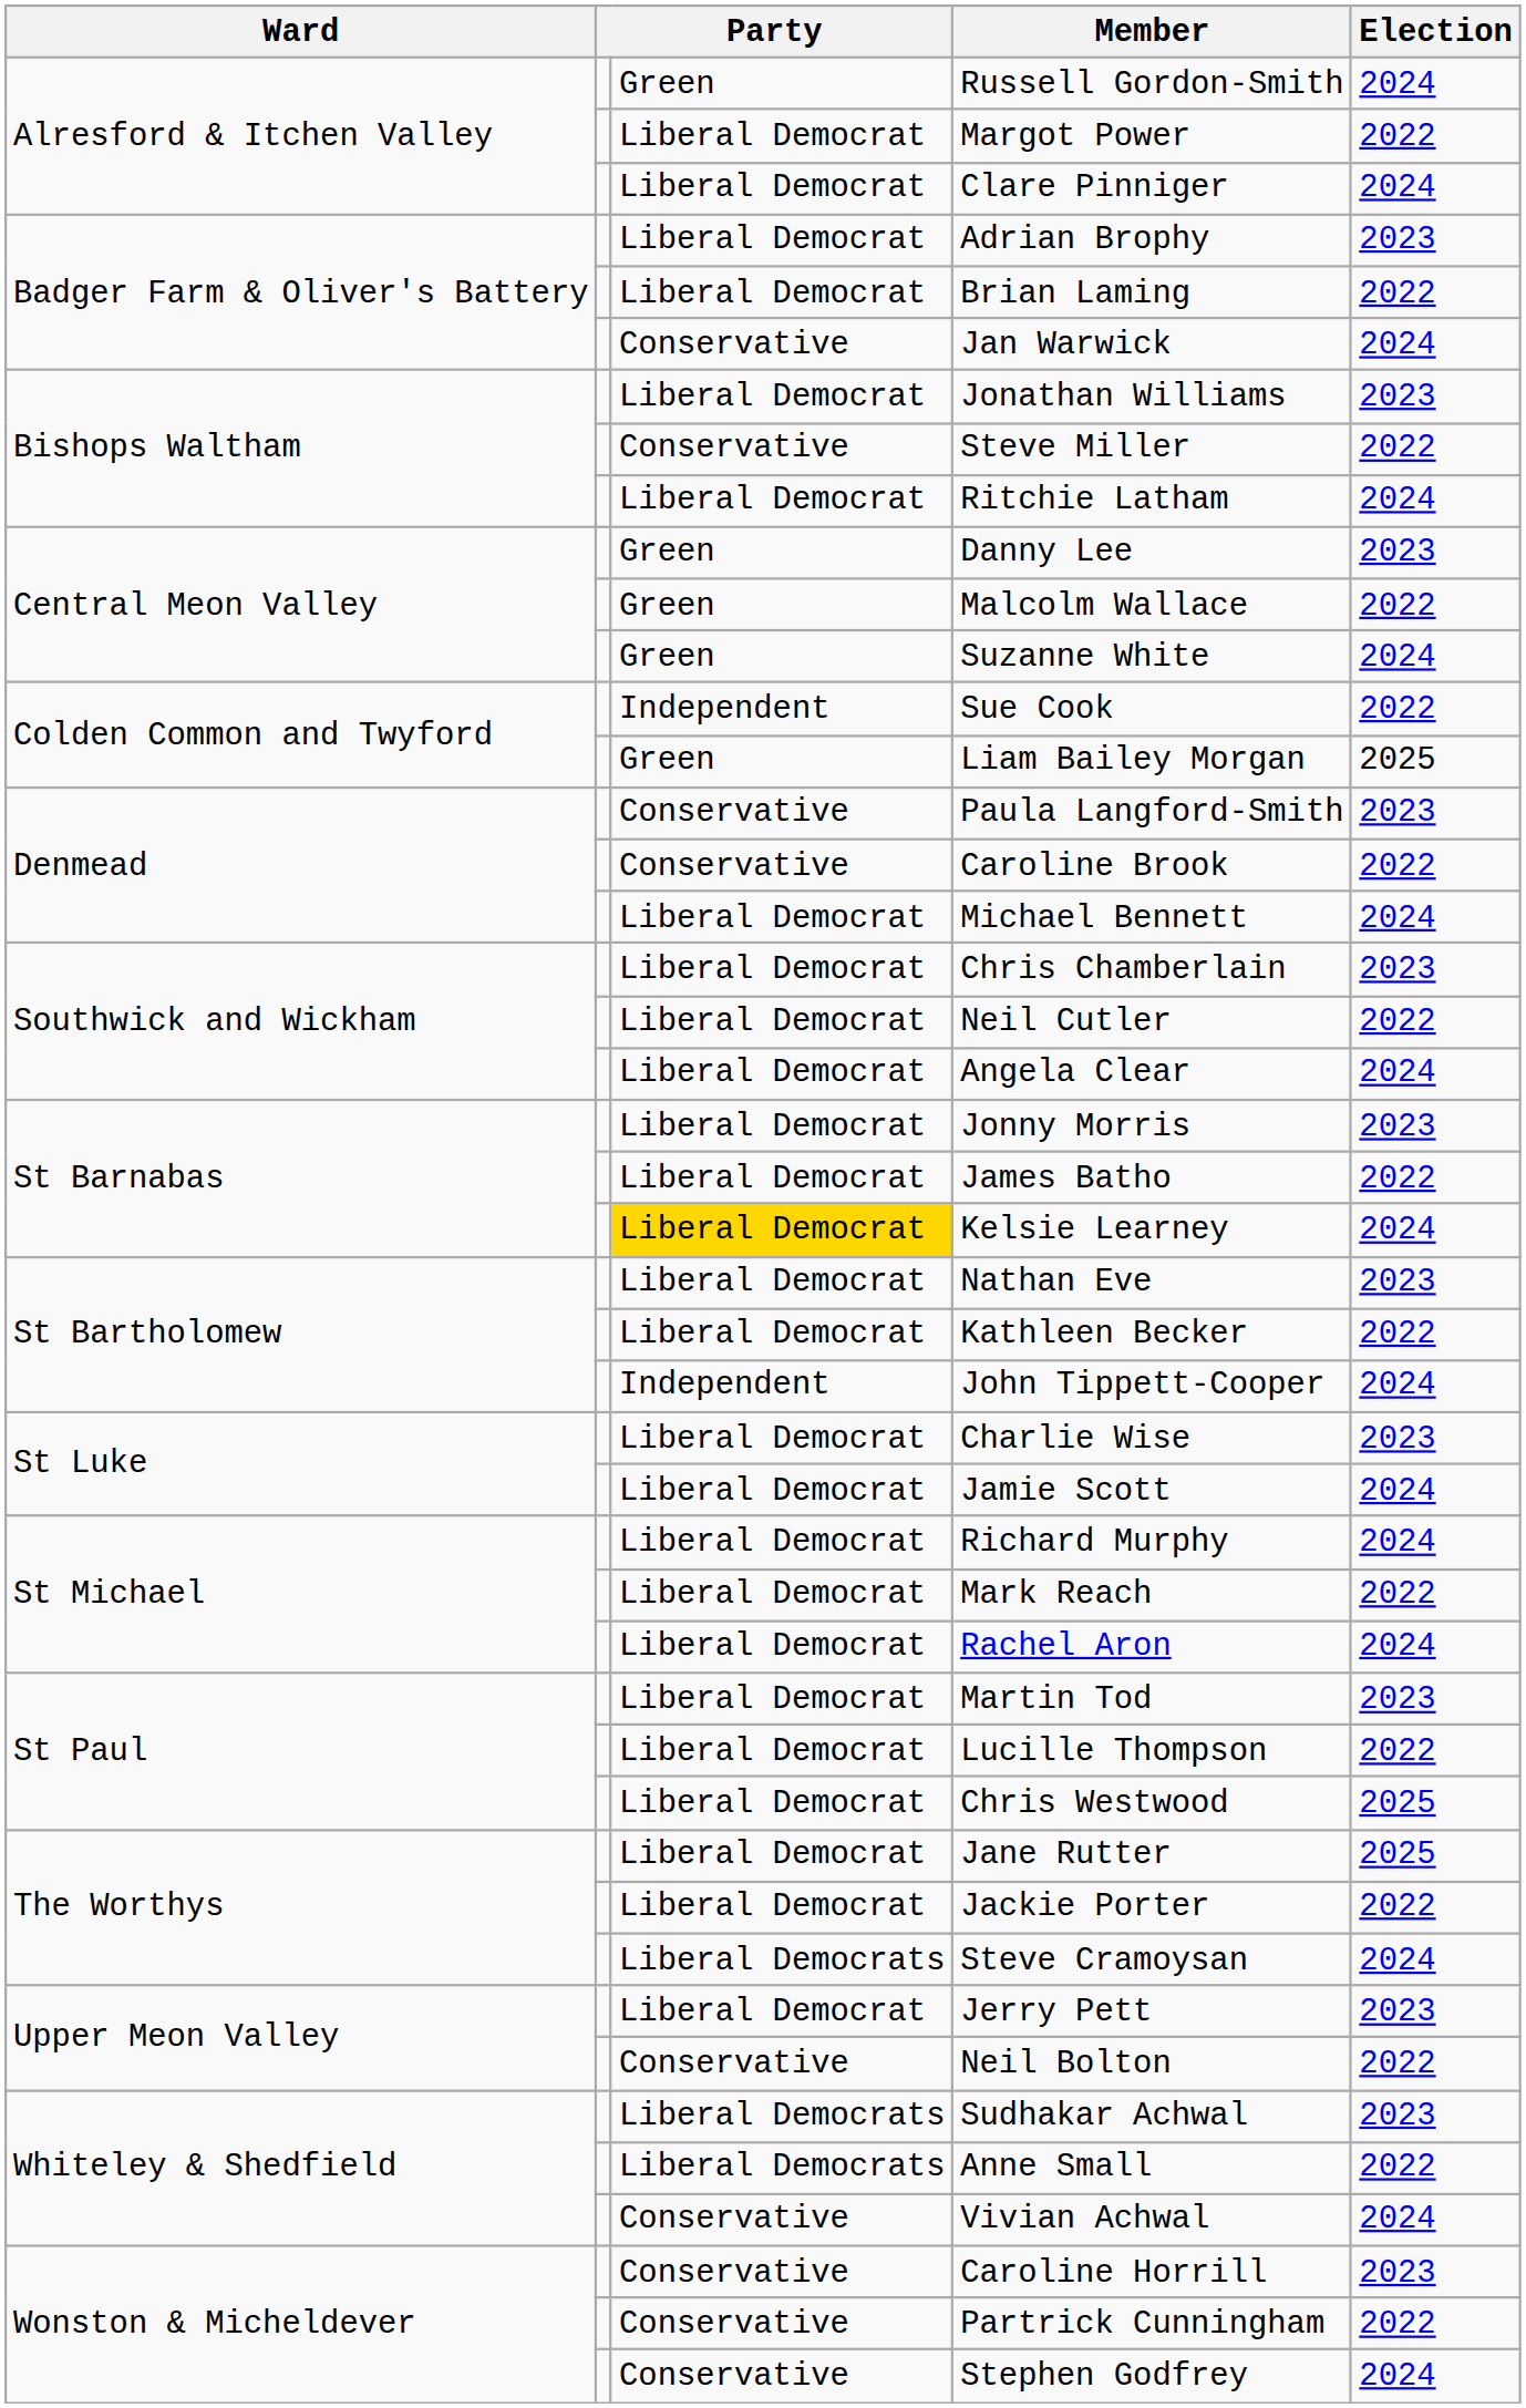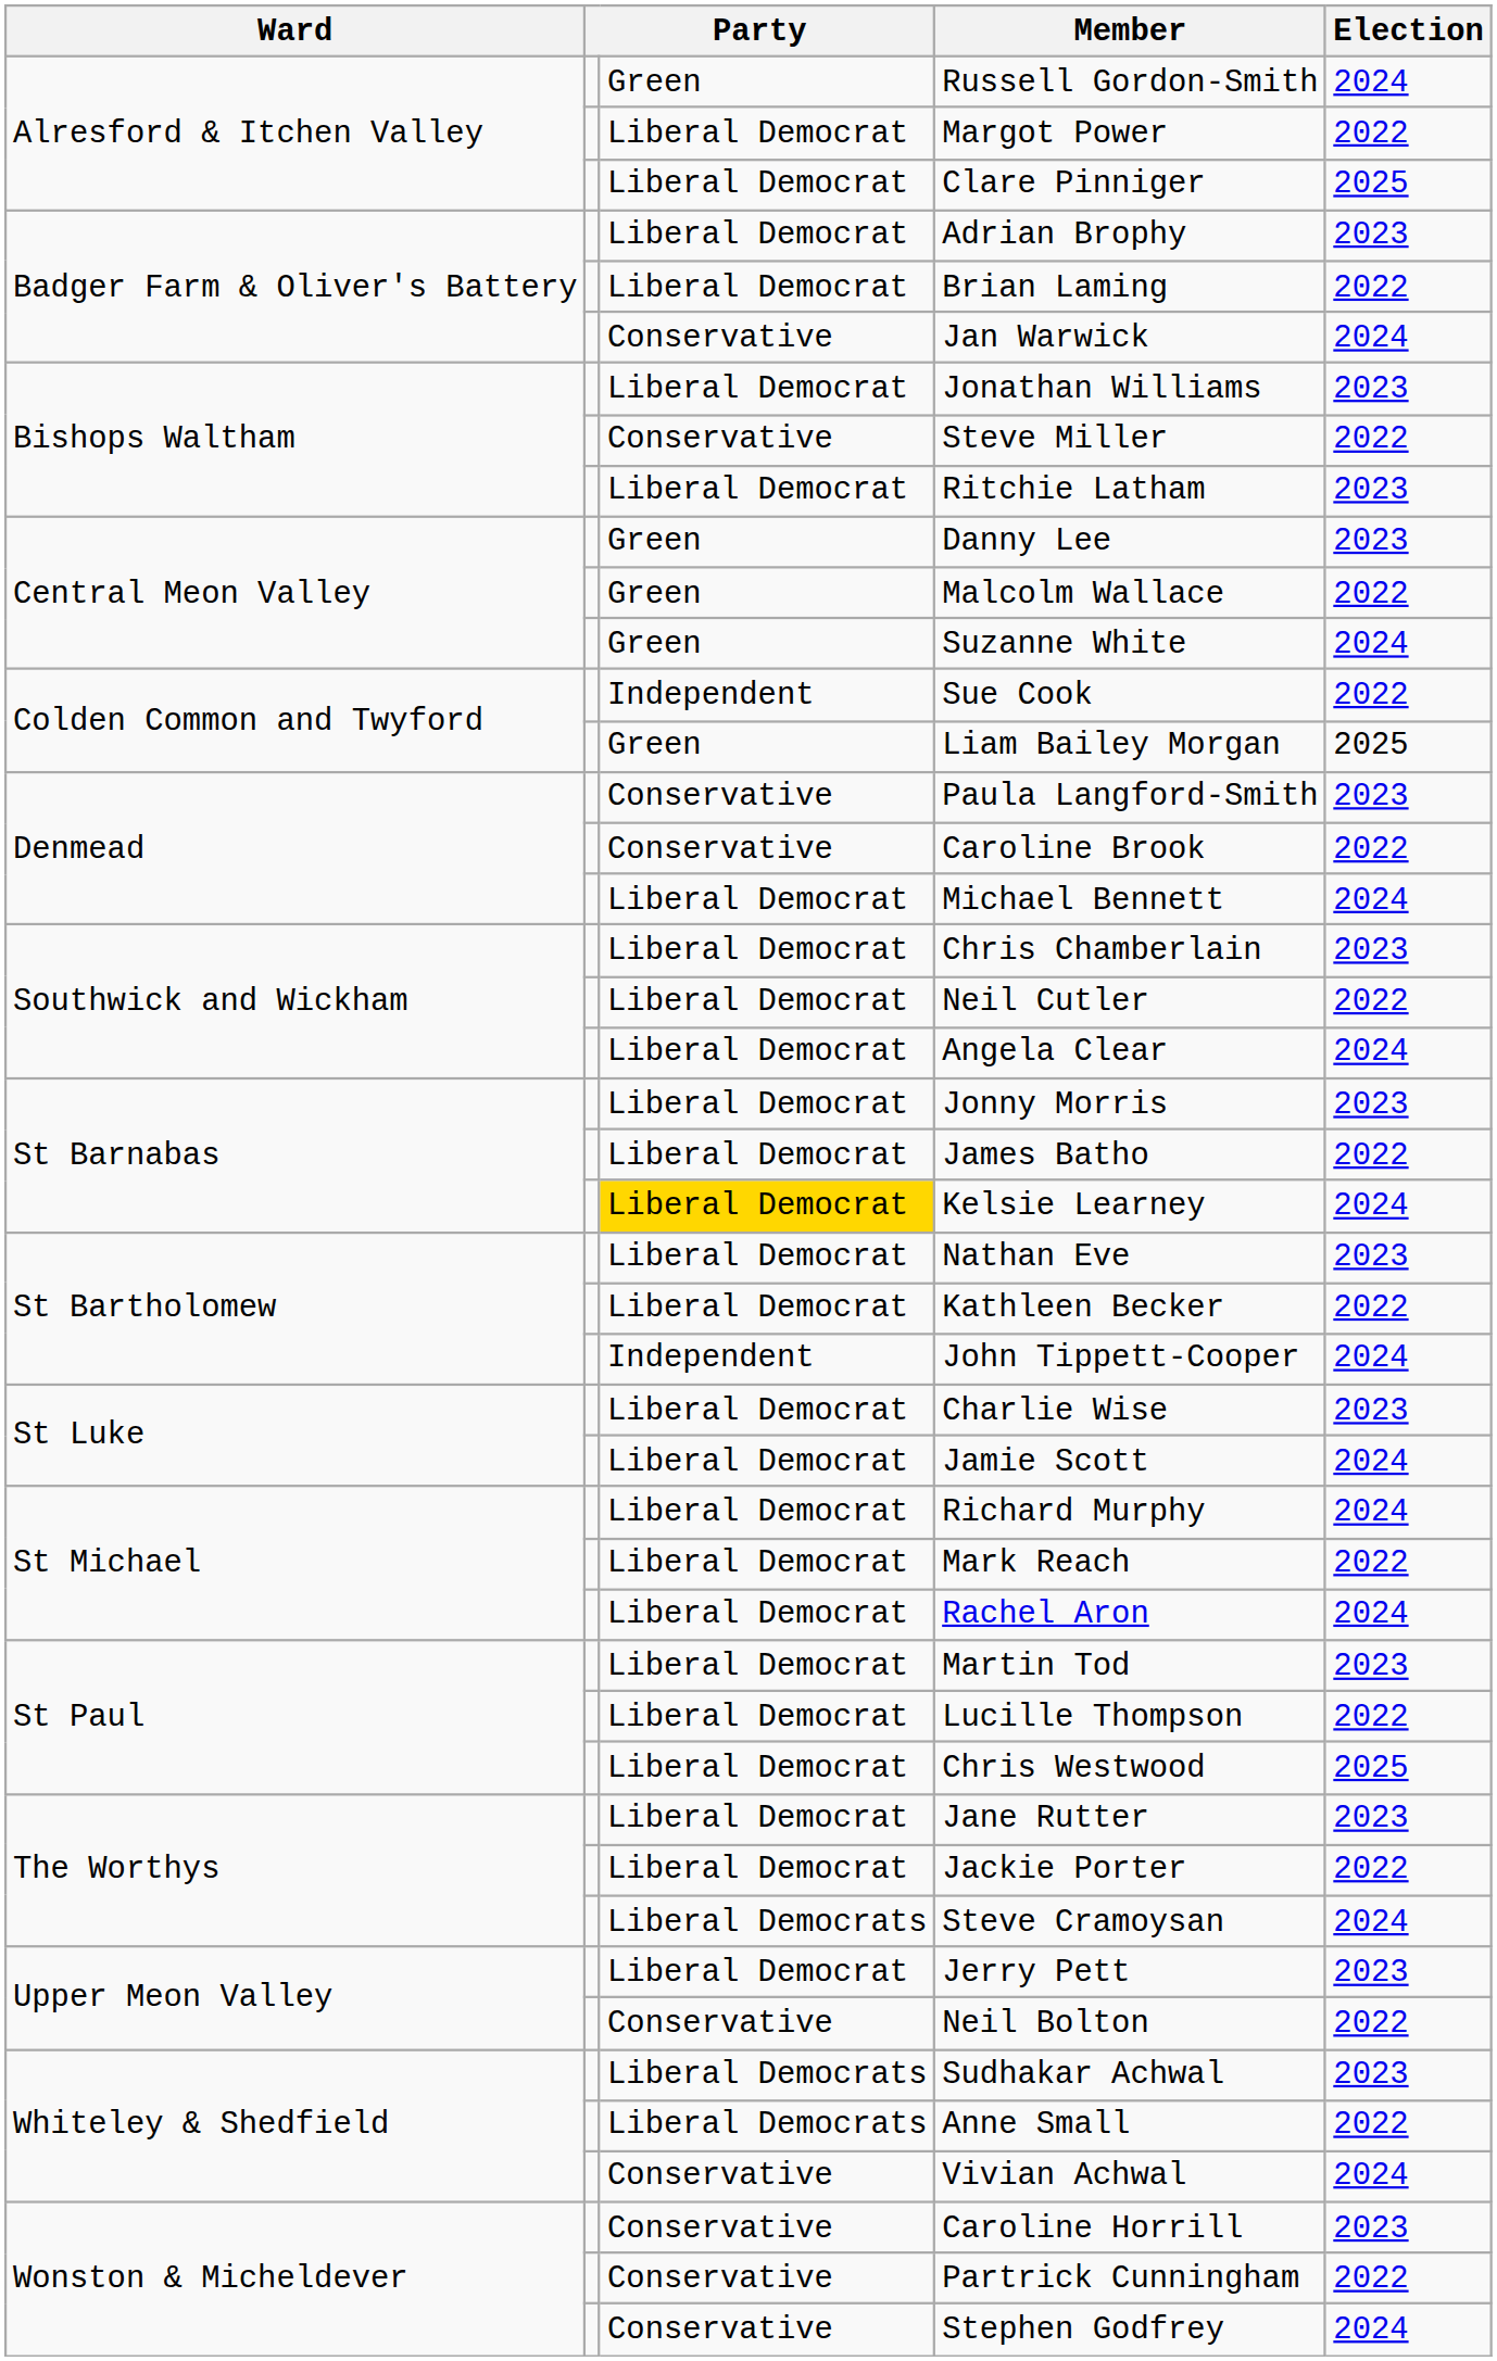 <table class="wikitable sortable">
 <tr>
 <th>Ward</th>
 <th colspan="2">Party</th>
 <th>Member</th>
 <th>Election</th>
 </tr>
 <tr>
 <td rowspan="3">Alresford & Itchen Valley</td>
 <td style="background-color: "></td>
 <td>Green</td>
 <td>Russell Gordon-Smith</td>
 <td><a href='#'>2024</a></td>
 </tr>
 <tr>
 <td style="background-color: "></td>
 <td>Liberal Democrat</td>
 <td>Margot Power</td>
 <td><a href='#'>2022</a></td>
 </tr>
 <tr>
 <td style="background-color: "></td>
 <td>Liberal Democrat</td>
 <td>Clare Pinniger</td>
-<td><a href='#'>2024</a></td>
+<td><a href='#'>2025</a></td>
 </tr>
 <tr>
 <td rowspan="3">Badger Farm & Oliver's Battery</td>
 <td style="background-color: "></td>
 <td>Liberal Democrat</td>
 <td>Adrian Brophy</td>
 <td><a href='#'>2023</a></td>
 </tr>
 <tr>
 <td style="background-color: "></td>
 <td>Liberal Democrat</td>
 <td>Brian Laming</td>
 <td><a href='#'>2022</a></td>
 </tr>
 <tr>
 <td style="background-color: "></td>
 <td>Conservative</td>
 <td>Jan Warwick</td>
 <td><a href='#'>2024</a></td>
 </tr>
 <tr>
 <td rowspan="3">Bishops Waltham</td>
 <td style="background-color: "></td>
 <td>Liberal Democrat</td>
 <td>Jonathan Williams</td>
 <td><a href='#'>2023</a></td>
 </tr>
 <tr>
 <td style="background-color: "></td>
 <td>Conservative</td>
 <td>Steve Miller</td>
 <td><a href='#'>2022</a></td>
 </tr>
 <tr>
 <td style="background-color: "></td>
 <td>Liberal Democrat</td>
 <td>Ritchie Latham</td>
-<td><a href='#'>2024</a></td>
+<td><a href='#'>2023</a></td>
 </tr>
 <tr>
 <td rowspan="3">Central Meon Valley</td>
 <td style="background-color: "></td>
 <td>Green</td>
 <td>Danny Lee</td>
 <td><a href='#'>2023</a></td>
 </tr>
 <tr>
 <td style="background-color: "></td>
 <td>Green</td>
 <td>Malcolm Wallace</td>
 <td><a href='#'>2022</a></td>
 </tr>
 <tr>
 <td style="background-color: "></td>
 <td>Green</td>
 <td>Suzanne White</td>
 <td><a href='#'>2024</a></td>
 </tr>
 <tr>
 <td rowspan="2">Colden Common and Twyford</td>
 <td style="background-color: "></td>
 <td>Independent</td>
 <td>Sue Cook</td>
 <td><a href='#'>2022</a></td>
 </tr>
 <tr>
 <td style="background-color: "></td>
 <td>Green</td>
 <td>Liam Bailey Morgan</td>
 <td>2025</td>
 </tr>
 <tr>
 <td rowspan="3">Denmead</td>
 <td style="background-color: "></td>
 <td>Conservative</td>
 <td>Paula Langford-Smith</td>
 <td><a href='#'>2023</a></td>
 </tr>
 <tr>
 <td style="background-color: "></td>
 <td>Conservative</td>
 <td>Caroline Brook</td>
 <td><a href='#'>2022</a></td>
 </tr>
 <tr>
 <td style="background-color: "></td>
 <td>Liberal Democrat</td>
 <td>Michael Bennett</td>
 <td><a href='#'>2024</a></td>
 </tr>
 <tr>
 <td rowspan="3">Southwick and Wickham</td>
 <td style="background-color: "></td>
 <td>Liberal Democrat</td>
 <td>Chris Chamberlain</td>
 <td><a href='#'>2023</a></td>
 </tr>
 <tr>
 <td style="background-color: "></td>
 <td>Liberal Democrat</td>
 <td>Neil Cutler</td>
 <td><a href='#'>2022</a></td>
 </tr>
 <tr>
 <td style="background-color: "></td>
 <td>Liberal Democrat</td>
 <td>Angela Clear</td>
 <td><a href='#'>2024</a></td>
 </tr>
 <tr>
 <td rowspan="3">St Barnabas</td>
 <td style="background-color: "></td>
 <td>Liberal Democrat</td>
 <td>Jonny Morris</td>
 <td><a href='#'>2023</a></td>
 </tr>
 <tr>
 <td style="background-color: "></td>
 <td>Liberal Democrat</td>
 <td>James Batho</td>
 <td><a href='#'>2022</a></td>
 </tr>
 <tr>
 <td style="background-color: "></td>
 <td style="background: gold;">Liberal Democrat</td>
 <td>Kelsie Learney</td>
 <td><a href='#'>2024</a></td>
 </tr>
 <tr>
 <td rowspan="3">St Bartholomew</td>
 <td style="background-color: "></td>
 <td>Liberal Democrat</td>
 <td>Nathan Eve</td>
 <td><a href='#'>2023</a></td>
 </tr>
 <tr>
 <td style="background-color: "></td>
 <td>Liberal Democrat</td>
 <td>Kathleen Becker</td>
 <td><a href='#'>2022</a></td>
 </tr>
 <tr>
 <td style="background-color: "></td>
 <td>Independent</td>
 <td>John Tippett-Cooper</td>
 <td><a href='#'>2024</a></td>
 </tr>
 <tr>
 <td rowspan="2">St Luke</td>
 <td style="background-color: "></td>
 <td>Liberal Democrat</td>
 <td>Charlie Wise</td>
 <td><a href='#'>2023</a></td>
 </tr>
 <tr>
 <td style="background-color: "></td>
 <td>Liberal Democrat</td>
 <td>Jamie Scott</td>
 <td><a href='#'>2024</a></td>
 </tr>
 <tr>
 <td rowspan="3">St Michael</td>
 <td style="background-color: "></td>
 <td>Liberal Democrat</td>
 <td>Richard Murphy</td>
 <td><a href='#'>2024</a></td>
 </tr>
 <tr>
 <td style="background-color: "></td>
 <td>Liberal Democrat</td>
 <td>Mark Reach</td>
 <td><a href='#'>2022</a></td>
 </tr>
 <tr>
 <td style="background-color: "></td>
 <td>Liberal Democrat</td>
 <td><a href='#'>Rachel Aron</a></td>
 <td><a href='#'>2024</a></td>
 </tr>
 <tr>
 <td rowspan="3">St Paul</td>
 <td style="background-color: "></td>
 <td>Liberal Democrat</td>
 <td>Martin Tod</td>
 <td><a href='#'>2023</a></td>
 </tr>
 <tr>
 <td style="background-color: "></td>
 <td>Liberal Democrat</td>
 <td>Lucille Thompson</td>
 <td><a href='#'>2022</a></td>
 </tr>
 <tr>
 <td style="background-color: "></td>
 <td>Liberal Democrat</td>
 <td>Chris Westwood</td>
 <td><a href='#'>2025</a></td>
 </tr>
 <tr>
 <td rowspan="3">The Worthys</td>
 <td style="background-color: "></td>
 <td>Liberal Democrat</td>
 <td>Jane Rutter</td>
-<td><a href='#'>2025</a></td>
+<td><a href='#'>2023</a></td>
 </tr>
 <tr>
 <td style="background-color: "></td>
 <td>Liberal Democrat</td>
 <td>Jackie Porter</td>
 <td><a href='#'>2022</a></td>
 </tr>
 <tr>
 <td style="background-color: "></td>
 <td>Liberal Democrats</td>
 <td>Steve Cramoysan</td>
 <td><a href='#'>2024</a></td>
 </tr>
 <tr>
 <td rowspan="2">Upper Meon Valley</td>
 <td style="background-color: "></td>
 <td>Liberal Democrat</td>
 <td>Jerry Pett</td>
 <td><a href='#'>2023</a></td>
 </tr>
 <tr>
 <td style="background-color: "></td>
 <td>Conservative</td>
 <td>Neil Bolton</td>
 <td><a href='#'>2022</a></td>
 </tr>
 <tr>
 <td rowspan="3">Whiteley & Shedfield</td>
 <td style="background-color: "></td>
 <td>Liberal Democrats</td>
 <td>Sudhakar Achwal</td>
 <td><a href='#'>2023</a></td>
 </tr>
 <tr>
 <td style="background-color: "></td>
 <td>Liberal Democrats</td>
 <td>Anne Small</td>
 <td><a href='#'>2022</a></td>
 </tr>
 <tr>
 <td style="background-color: "></td>
 <td>Conservative</td>
 <td>Vivian Achwal</td>
 <td><a href='#'>2024</a></td>
 </tr>
 <tr>
 <td rowspan="3">Wonston & Micheldever</td>
 <td style="background-color: "></td>
 <td>Conservative</td>
 <td>Caroline Horrill</td>
 <td><a href='#'>2023</a></td>
 </tr>
 <tr>
 <td style="background-color: "></td>
 <td>Conservative</td>
 <td>Partrick Cunningham</td>
 <td><a href='#'>2022</a></td>
 </tr>
 <tr>
 <td style="background-color: "></td>
 <td>Conservative</td>
 <td>Stephen Godfrey</td>
 <td><a href='#'>2024</a></td>
 </tr>
 </table>
